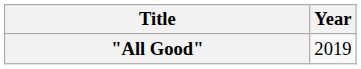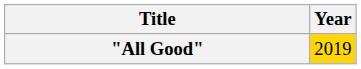 <table class="wikitable plainrowheaders" style="text-align:center;">
 <tr>
 <th scope="col" style="width:16em;">Title</th>
 <th scope="col" style="width:1em;">Year</th>
 </tr>
 <tr>
 <th scope="row">"All Good" </th>
-<td>2019</td>
+<td style="background: gold;">2019</td>
 </tr>
 </table>
